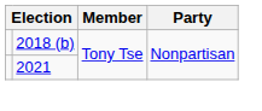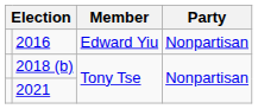 <table class="wikitable">
 <tr>
 <th colspan="2">Election</th>
 <th>Member</th>
 <th>Party</th>
+</tr>
+<tr>
+<td style="background-color: "></td>
+<td><a href='#'>2016</a></td>
+<td><a href='#'>Edward Yiu</a></td>
+<td><a href='#'>Nonpartisan</a></td>
 </tr>
 <tr>
 <td style="background-color: "></td>
 <td><a href='#'>2018 (b)</a></td>
 <td rowspan="2"><a href='#'>Tony Tse</a></td>
 <td rowspan="2"><a href='#'>Nonpartisan</a></td>
 </tr>
 <tr>
 <td style="background-color: "></td>
 <td><a href='#'>2021</a></td>
 </tr>
 </table>
